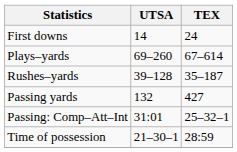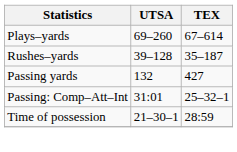 <table class="wikitable" style="float: left;">
 <tr>
 <th>Statistics</th>
 <th>UTSA</th>
 <th>TEX</th>
-</tr>
-<tr>
-<td>First downs</td>
-<td>14</td>
-<td>24</td>
 </tr>
 <tr>
 <td>Plays–yards</td>
 <td>69–260</td>
 <td>67–614</td>
 </tr>
 <tr>
 <td>Rushes–yards</td>
 <td>39–128</td>
 <td>35–187</td>
 </tr>
 <tr>
 <td>Passing yards</td>
 <td>132</td>
 <td>427</td>
 </tr>
 <tr>
 <td>Passing: Comp–Att–Int</td>
 <td>31:01</td>
 <td>25–32–1</td>
 </tr>
 <tr>
 <td>Time of possession</td>
 <td>21–30–1</td>
 <td>28:59</td>
 </tr>
 <tr>
 </tr>
 </table>
